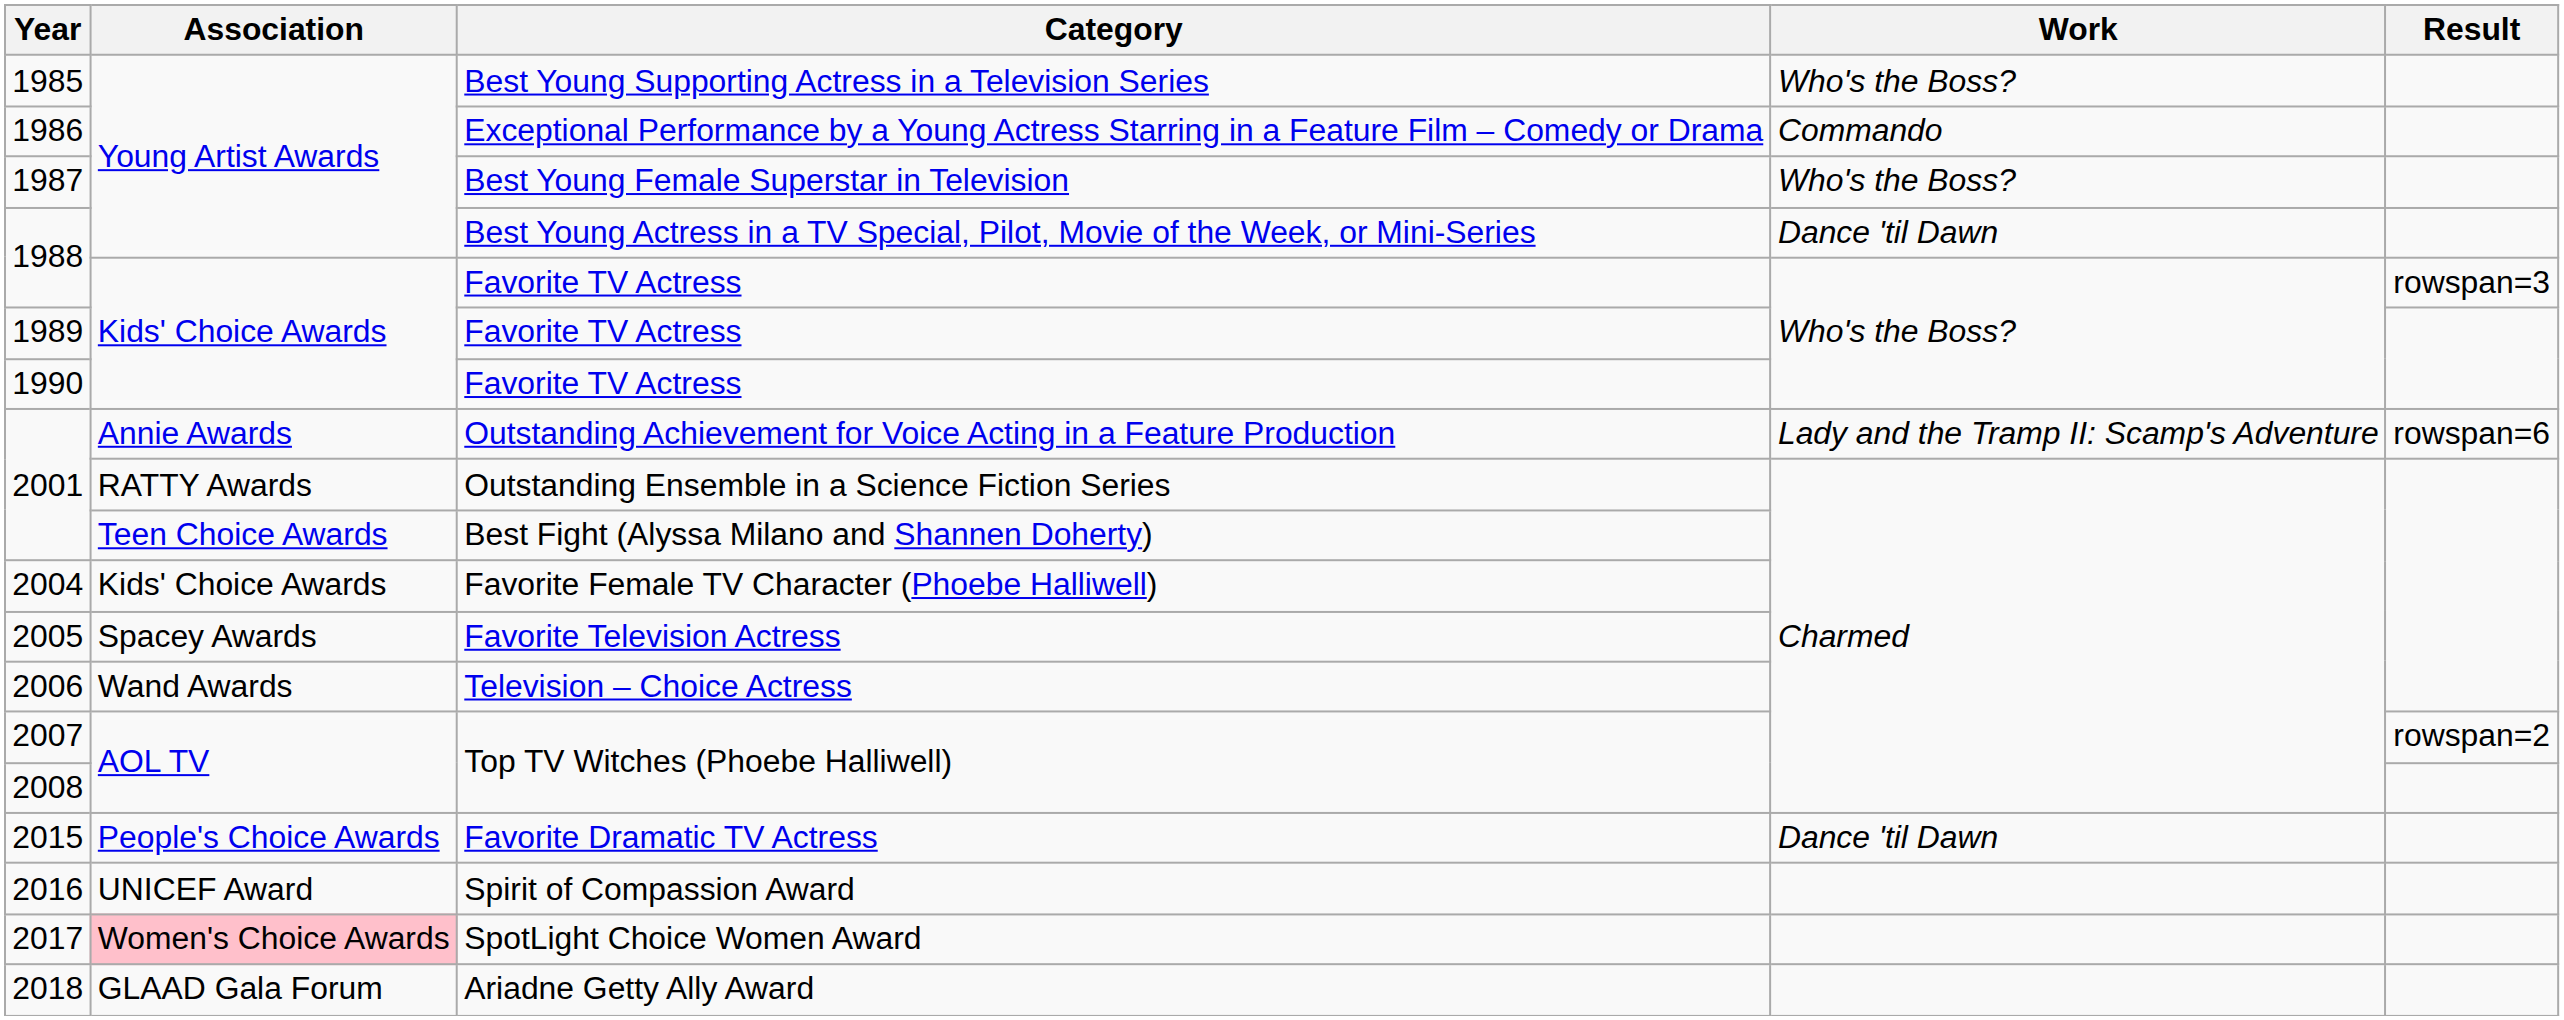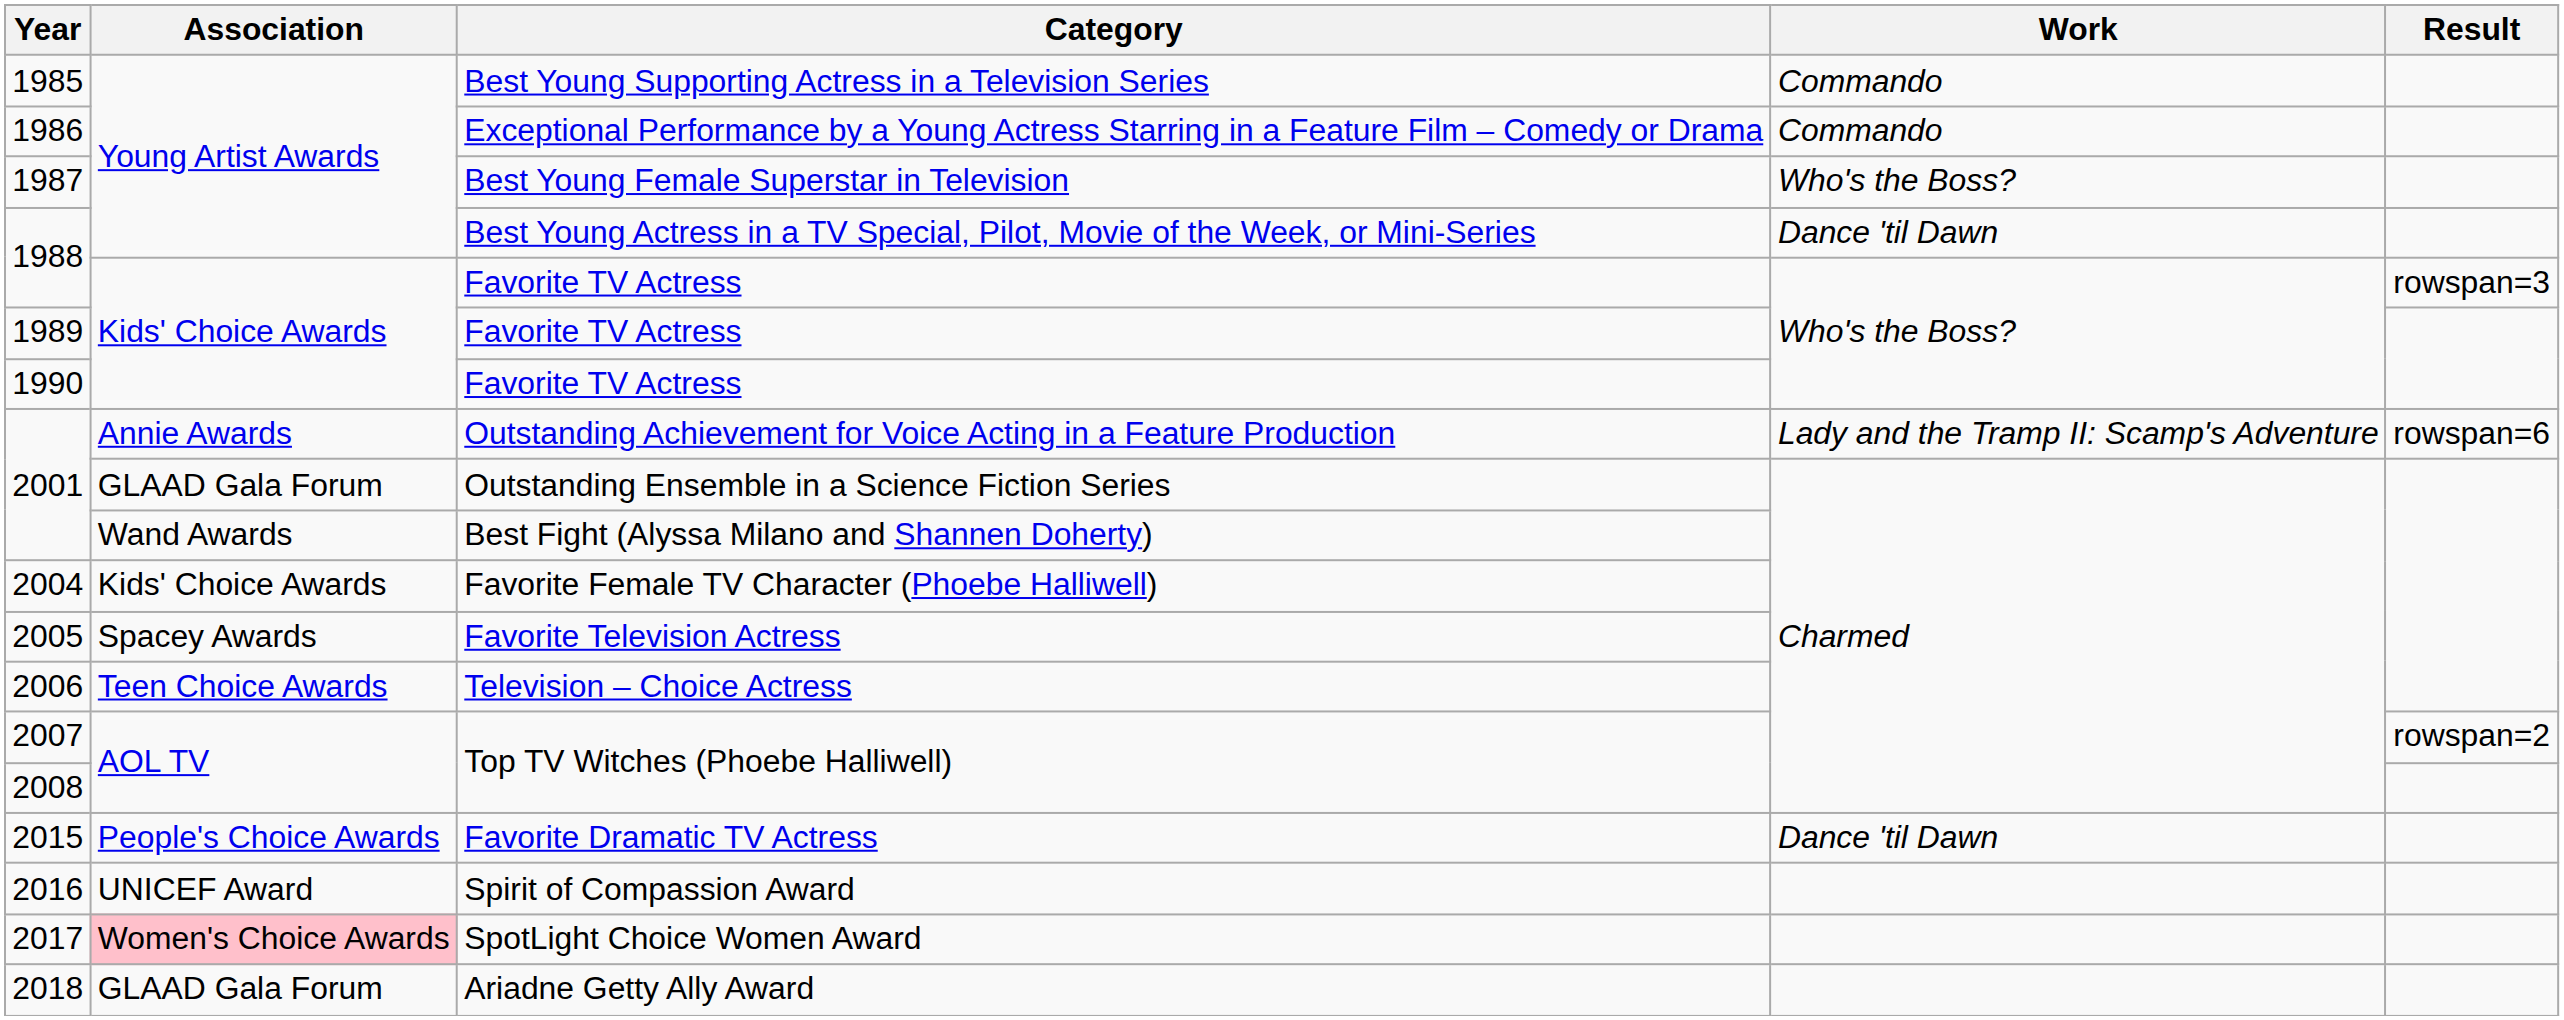 <table class="wikitable sortable">
 <tr>
 <th>Year</th>
 <th>Association</th>
 <th>Category</th>
 <th>Work</th>
 <th>Result</th>
 </tr>
 <tr>
 <td>1985</td>
 <td rowspan=4><a href='#'>Young Artist Awards</a></td>
 <td><a href='#'>Best Young Supporting Actress in a Television Series</a></td>
-<td><em>Who's the Boss?</em></td>
+<td><em>Commando</em></td>
 <td></td>
 </tr>
 <tr>
 <td>1986</td>
 <td><a href='#'>Exceptional Performance by a Young Actress Starring in a Feature Film – Comedy or Drama</a></td>
 <td><em>Commando</em></td>
 <td></td>
 </tr>
 <tr>
 <td>1987</td>
 <td><a href='#'>Best Young Female Superstar in Television</a></td>
 <td><em>Who's the Boss?</em></td>
 <td></td>
 </tr>
 <tr>
 <td rowspan=2>1988</td>
 <td><a href='#'>Best Young Actress in a TV Special, Pilot, Movie of the Week, or Mini-Series</a></td>
 <td><em>Dance 'til Dawn</em></td>
 <td></td>
 </tr>
 <tr>
 <td rowspan=3><a href='#'>Kids' Choice Awards</a></td>
 <td><a href='#'>Favorite TV Actress</a></td>
 <td rowspan=3><em>Who's the Boss?</em></td>
 <td>rowspan=3  </td>
 </tr>
 <tr>
 <td>1989</td>
 <td><a href='#'>Favorite TV Actress</a></td>
 </tr>
 <tr>
 <td>1990</td>
 <td><a href='#'>Favorite TV Actress</a></td>
 </tr>
 <tr>
 <td rowspan=3>2001</td>
 <td><a href='#'>Annie Awards</a></td>
 <td><a href='#'>Outstanding Achievement for Voice Acting in a Feature Production</a></td>
 <td><em>Lady and the Tramp II: Scamp's Adventure</em></td>
 <td>rowspan=6 </td>
 </tr>
 <tr>
-<td>RATTY Awards</td>
+<td>GLAAD Gala Forum</td>
 <td>Outstanding Ensemble in a Science Fiction Series</td>
 <td rowspan=7><em>Charmed</em></td>
 </tr>
 <tr>
-<td><a href='#'>Teen Choice Awards</a></td>
+<td>Wand Awards</td>
 <td>Best Fight (Alyssa Milano and <a href='#'>Shannen Doherty</a>)</td>
 </tr>
 <tr>
 <td>2004</td>
 <td>Kids' Choice Awards</td>
 <td>Favorite Female TV Character (<a href='#'>Phoebe Halliwell</a>)</td>
 </tr>
 <tr>
 <td>2005</td>
 <td>Spacey Awards</td>
 <td><a href='#'>Favorite Television Actress</a></td>
 </tr>
 <tr>
 <td>2006</td>
-<td>Wand Awards</td>
+<td><a href='#'>Teen Choice Awards</a></td>
 <td><a href='#'>Television – Choice Actress</a></td>
 </tr>
 <tr>
 <td>2007</td>
 <td rowspan=2><a href='#'>AOL TV</a></td>
 <td rowspan=2>Top TV Witches (Phoebe Halliwell)</td>
 <td>rowspan=2 </td>
 </tr>
 <tr>
 <td>2008</td>
 </tr>
 <tr>
 <td>2015</td>
 <td><a href='#'>People's Choice Awards</a></td>
 <td><a href='#'>Favorite Dramatic TV Actress</a></td>
 <td><em>Dance 'til Dawn</em></td>
 <td></td>
 </tr>
 <tr>
 <td>2016</td>
 <td>UNICEF Award</td>
 <td>Spirit of Compassion Award</td>
 <td></td>
 <td></td>
 </tr>
 <tr>
 <td>2017</td>
 <td style="background: pink;">Women's Choice Awards</td>
 <td>SpotLight Choice Women Award</td>
 <td></td>
 <td></td>
 </tr>
 <tr>
 <td>2018</td>
 <td>GLAAD Gala Forum</td>
 <td>Ariadne Getty Ally Award</td>
 <td></td>
 <td></td>
 </tr>
 </table>
